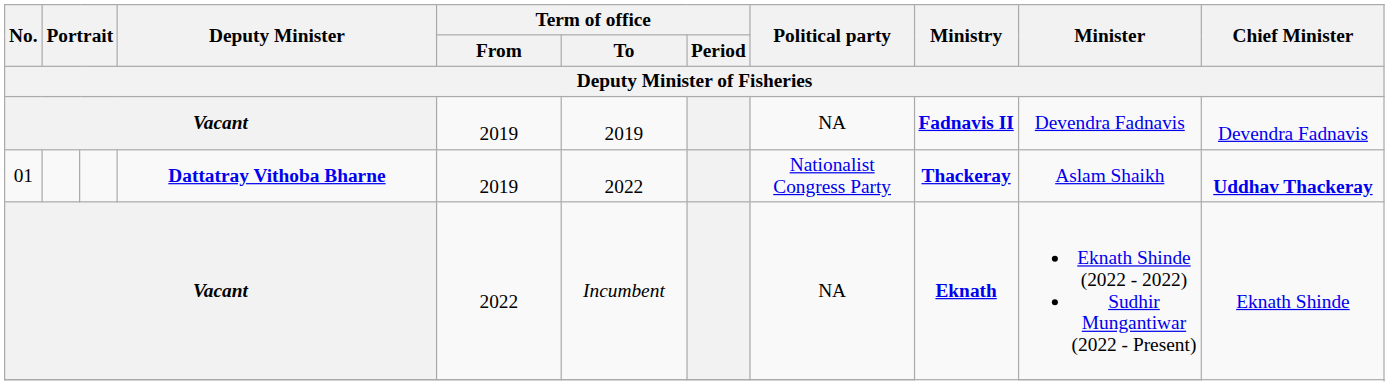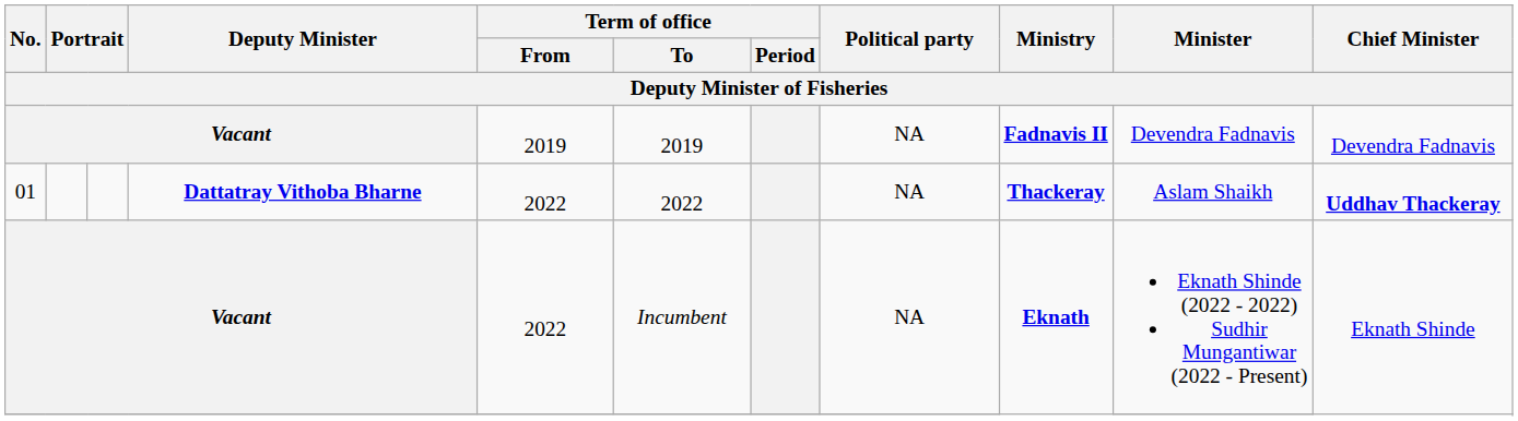 <table class="wikitable" style="text-align:center">
 <tr>
 <th rowspan="2">No.</th>
 <th rowspan="2" colspan="2">Portrait</th>
 <th rowspan="2" style="width:16em">Deputy Minister<br></th>
 <th colspan="3">Term of office</th>
 <th rowspan="2" style="width:8em">Political party</th>
 <th rowspan="2">Ministry</th>
 <th rowspan="2" style="width:9em">Minister</th>
 <th rowspan="2" style="width:9em">Chief Minister</th>
 </tr>
 <tr>
 <th style="width:6em">From</th>
 <th style="width:6em">To</th>
 <th>Period</th>
 </tr>
 <tr>
 <th colspan="11">Deputy Minister of Fisheries</th>
 </tr>
 <tr>
 <th colspan="04"><strong><em>Vacant</em></strong></th>
 <td><br>2019</td>
 <td><br>2019</td>
 <th></th>
 <td>NA</td>
 <td rowspan="1"><a href='#'><strong>Fadnavis II</strong></a></td>
 <td><a href='#'>Devendra Fadnavis</a></td>
 <td rowspan="1"> <br><a href='#'>Devendra Fadnavis</a></td>
 </tr>
 <tr>
 <td>01</td>
 <td style="color:inherit;background:"></td>
 <td></td>
 <td><strong><a href='#'>Dattatray Vithoba Bharne</a></strong> <br> </td>
-<td><br>2019</td>
+<td><br>2022</td>
 <td><br>2022</td>
 <th></th>
-<td><a href='#'>Nationalist Congress Party</a></td>
+<td>NA</td>
 <td rowspan="1"><a href='#'><strong>Thackeray</strong></a></td>
 <td><a href='#'>Aslam Shaikh</a></td>
 <td rowspan="1"><strong> <br><a href='#'>Uddhav Thackeray</a></strong></td>
 </tr>
 <tr>
 <th colspan="04"><strong><em>Vacant </em></strong></th>
 <td><br>2022</td>
 <td><em>Incumbent</em></td>
 <th></th>
 <td>NA</td>
 <td rowspan="2"><a href='#'><strong>Eknath</strong></a></td>
 <td><br><ul><li><a href='#'>Eknath Shinde</a><br>(2022 - 2022)</li><li><a href='#'>Sudhir Mungantiwar</a><br> (2022 - Present)</li></ul></td>
 <td rowspan="2"> <br><a href='#'>Eknath Shinde</a></td>
 </tr>
 <tr>
 </tr>
 </table>
